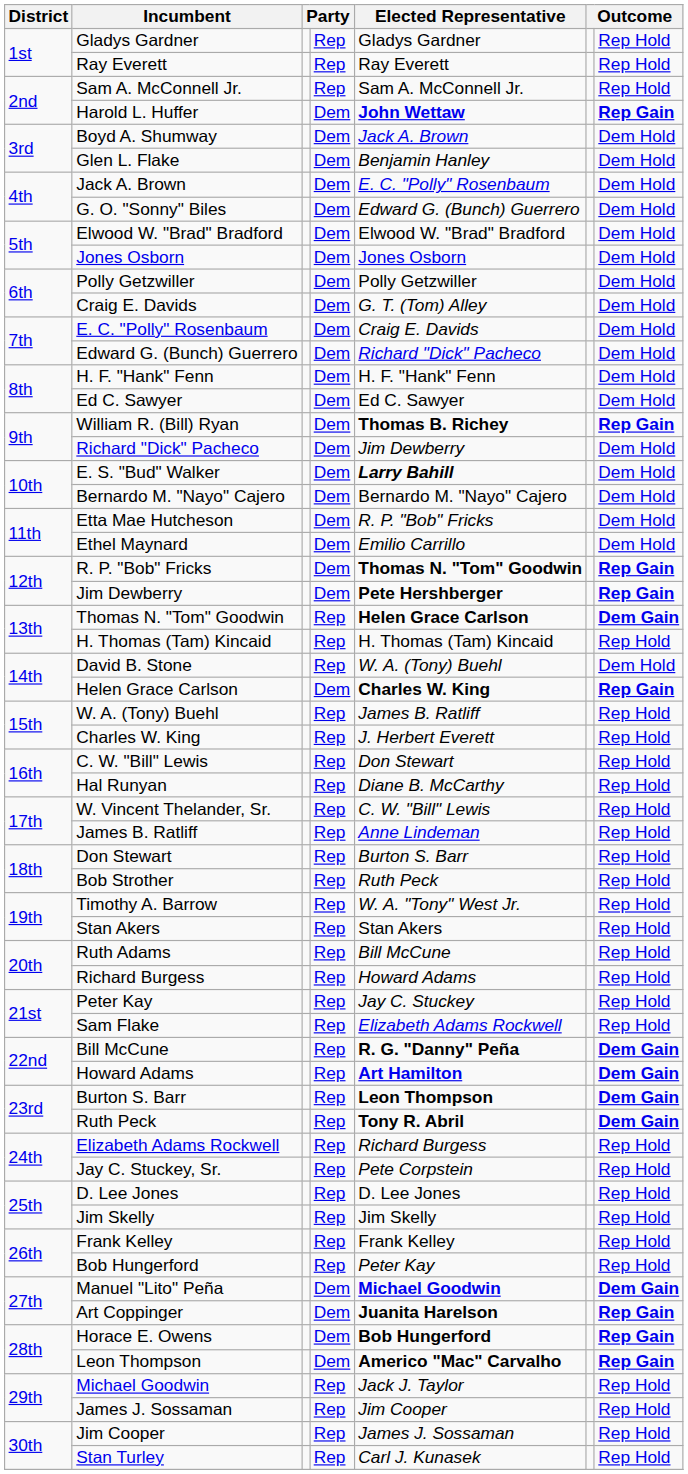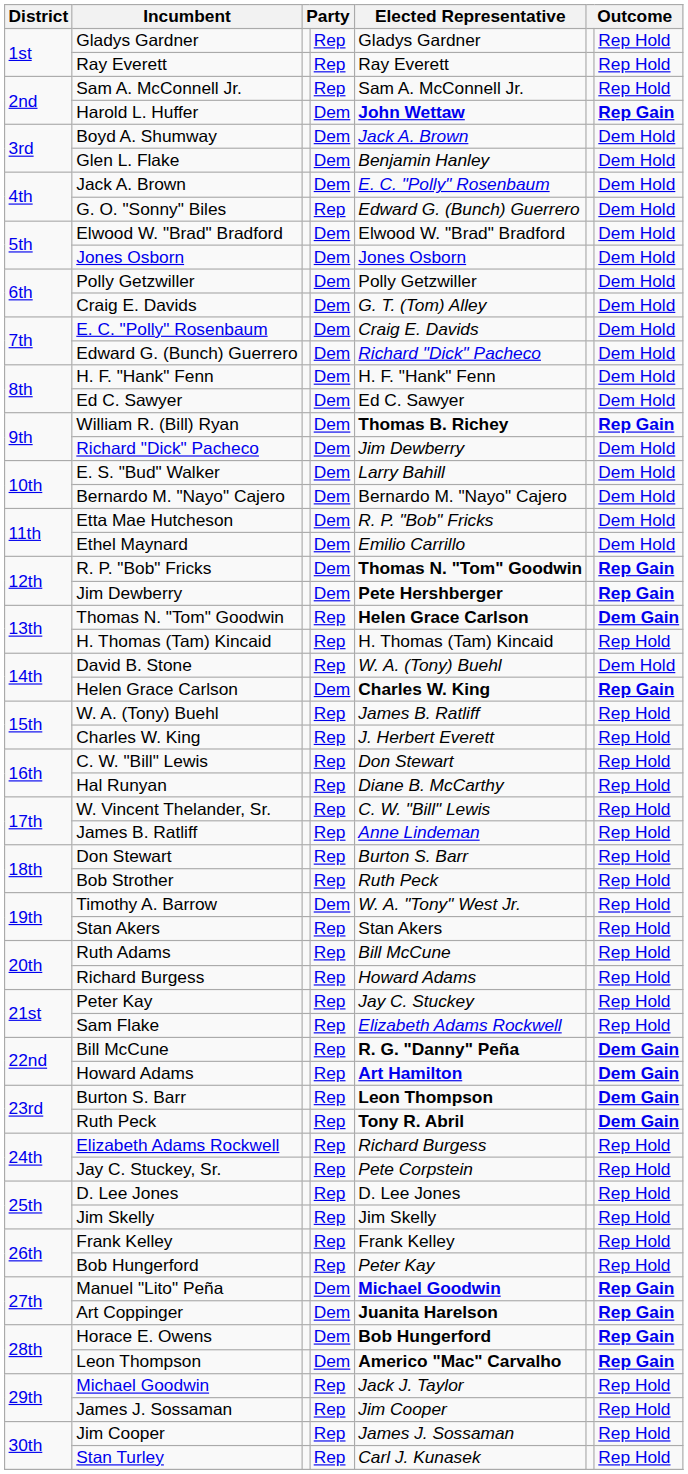 <table class="sortable wikitable" style="font-size:95%;line-height:14px;">
 <tr>
 <th>District</th>
 <th>Incumbent</th>
 <th colspan="2">Party</th>
 <th>Elected Representative</th>
 <th colspan="2">Outcome</th>
 </tr>
 <tr>
 <td rowspan="2"><a href='#'>1st</a></td>
 <td>Gladys Gardner</td>
 <td style="background:"></td>
 <td><a href='#'>Rep</a></td>
 <td>Gladys Gardner</td>
 <td style="background:"></td>
 <td><a href='#'>Rep Hold</a></td>
 </tr>
 <tr>
 <td>Ray Everett</td>
 <td style="background:"></td>
 <td><a href='#'>Rep</a></td>
 <td>Ray Everett</td>
 <td style="background:"></td>
 <td><a href='#'>Rep Hold</a></td>
 </tr>
 <tr>
 <td rowspan="2"><a href='#'>2nd</a></td>
 <td>Sam A. McConnell Jr.</td>
 <td style="background:"></td>
 <td><a href='#'>Rep</a></td>
 <td>Sam A. McConnell Jr.</td>
 <td style="background:"></td>
 <td><a href='#'>Rep Hold</a></td>
 </tr>
 <tr>
 <td>Harold L. Huffer</td>
 <td style="background:"></td>
 <td><a href='#'>Dem</a></td>
 <td><strong><a href='#'>John Wettaw</a></strong></td>
 <td style="background:"></td>
 <td><strong><a href='#'>Rep Gain</a></strong></td>
 </tr>
 <tr>
 <td rowspan="2"><a href='#'>3rd</a></td>
 <td>Boyd A. Shumway</td>
 <td style="background:"></td>
 <td><a href='#'>Dem</a></td>
 <td><em><a href='#'>Jack A. Brown</a></em></td>
 <td style="background:"></td>
 <td><a href='#'>Dem Hold</a></td>
 </tr>
 <tr>
 <td>Glen L. Flake</td>
 <td style="background:"></td>
 <td><a href='#'>Dem</a></td>
 <td><em>Benjamin Hanley</em></td>
 <td style="background:"></td>
 <td><a href='#'>Dem Hold</a></td>
 </tr>
 <tr>
 <td rowspan="2"><a href='#'>4th</a></td>
 <td>Jack A. Brown</td>
 <td style="background:"></td>
 <td><a href='#'>Dem</a></td>
 <td><em><a href='#'>E. C. "Polly" Rosenbaum</a></em></td>
 <td style="background:"></td>
 <td><a href='#'>Dem Hold</a></td>
 </tr>
 <tr>
 <td>G. O. "Sonny" Biles</td>
 <td style="background:"></td>
-<td><a href='#'>Dem</a></td>
+<td><a href='#'>Rep</a></td>
 <td><em>Edward G. (Bunch) Guerrero</em></td>
 <td style="background:"></td>
 <td><a href='#'>Dem Hold</a></td>
 </tr>
 <tr>
 <td rowspan="2"><a href='#'>5th</a></td>
 <td>Elwood W. "Brad" Bradford</td>
 <td style="background:"></td>
 <td><a href='#'>Dem</a></td>
 <td>Elwood W. "Brad" Bradford</td>
 <td style="background:"></td>
 <td><a href='#'>Dem Hold</a></td>
 </tr>
 <tr>
 <td><a href='#'>Jones Osborn</a></td>
 <td style="background:"></td>
 <td><a href='#'>Dem</a></td>
 <td><a href='#'>Jones Osborn</a></td>
 <td style="background:"></td>
 <td><a href='#'>Dem Hold</a></td>
 </tr>
 <tr>
 <td rowspan="2"><a href='#'>6th</a></td>
 <td>Polly Getzwiller</td>
 <td style="background:"></td>
 <td><a href='#'>Dem</a></td>
 <td>Polly Getzwiller</td>
 <td style="background:"></td>
 <td><a href='#'>Dem Hold</a></td>
 </tr>
 <tr>
 <td>Craig E. Davids</td>
 <td style="background:"></td>
 <td><a href='#'>Dem</a></td>
 <td><em>G. T. (Tom) Alley</em></td>
 <td style="background:"></td>
 <td><a href='#'>Dem Hold</a></td>
 </tr>
 <tr>
 <td rowspan="2"><a href='#'>7th</a></td>
 <td><a href='#'>E. C. "Polly" Rosenbaum</a></td>
 <td style="background:"></td>
 <td><a href='#'>Dem</a></td>
 <td><em>Craig E. Davids</em></td>
 <td style="background:"></td>
 <td><a href='#'>Dem Hold</a></td>
 </tr>
 <tr>
 <td>Edward G. (Bunch) Guerrero</td>
 <td style="background:"></td>
 <td><a href='#'>Dem</a></td>
 <td><em><a href='#'>Richard "Dick" Pacheco</a></em></td>
 <td style="background:"></td>
 <td><a href='#'>Dem Hold</a></td>
 </tr>
 <tr>
 <td rowspan="2"><a href='#'>8th</a></td>
 <td>H. F. "Hank" Fenn</td>
 <td style="background:"></td>
 <td><a href='#'>Dem</a></td>
 <td>H. F. "Hank" Fenn</td>
 <td style="background:"></td>
 <td><a href='#'>Dem Hold</a></td>
 </tr>
 <tr>
 <td>Ed C. Sawyer</td>
 <td style="background:"></td>
 <td><a href='#'>Dem</a></td>
 <td>Ed C. Sawyer</td>
 <td style="background:"></td>
 <td><a href='#'>Dem Hold</a></td>
 </tr>
 <tr>
 <td rowspan="2"><a href='#'>9th</a></td>
 <td>William R. (Bill) Ryan</td>
 <td style="background:"></td>
 <td><a href='#'>Dem</a></td>
 <td><strong>Thomas B. Richey</strong></td>
 <td style="background:"></td>
 <td><strong><a href='#'>Rep Gain</a></strong></td>
 </tr>
 <tr>
 <td><a href='#'>Richard "Dick" Pacheco</a></td>
 <td style="background:"></td>
 <td><a href='#'>Dem</a></td>
 <td><em>Jim Dewberry</em></td>
 <td style="background:"></td>
 <td><a href='#'>Dem Hold</a></td>
 </tr>
 <tr>
 <td rowspan="2"><a href='#'>10th</a></td>
 <td>E. S. "Bud" Walker</td>
 <td style="background:"></td>
 <td><a href='#'>Dem</a></td>
-<td><strong><em>Larry Bahill</em></strong></td>
+<td><em>Larry Bahill</em></td>
 <td style="background:"></td>
 <td><a href='#'>Dem Hold</a></td>
 </tr>
 <tr>
 <td>Bernardo M. "Nayo" Cajero</td>
 <td style="background:"></td>
 <td><a href='#'>Dem</a></td>
 <td>Bernardo M. "Nayo" Cajero</td>
 <td style="background:"></td>
 <td><a href='#'>Dem Hold</a></td>
 </tr>
 <tr>
 <td rowspan="2"><a href='#'>11th</a></td>
 <td>Etta Mae Hutcheson</td>
 <td style="background:"></td>
 <td><a href='#'>Dem</a></td>
 <td><em>R. P. "Bob" Fricks</em></td>
 <td style="background:"></td>
 <td><a href='#'>Dem Hold</a></td>
 </tr>
 <tr>
 <td>Ethel Maynard</td>
 <td style="background:"></td>
 <td><a href='#'>Dem</a></td>
 <td><em>Emilio Carrillo</em></td>
 <td style="background:"></td>
 <td><a href='#'>Dem Hold</a></td>
 </tr>
 <tr>
 <td rowspan="2"><a href='#'>12th</a></td>
 <td>R. P. "Bob" Fricks</td>
 <td style="background:"></td>
 <td><a href='#'>Dem</a></td>
 <td><strong>Thomas N. "Tom" Goodwin</strong></td>
 <td style="background:"></td>
 <td><strong><a href='#'>Rep Gain</a></strong></td>
 </tr>
 <tr>
 <td>Jim Dewberry</td>
 <td style="background:"></td>
 <td><a href='#'>Dem</a></td>
 <td><strong>Pete Hershberger</strong></td>
 <td style="background:"></td>
 <td><strong><a href='#'>Rep Gain</a></strong></td>
 </tr>
 <tr>
 <td rowspan="2"><a href='#'>13th</a></td>
 <td>Thomas N. "Tom" Goodwin</td>
 <td style="background:"></td>
 <td><a href='#'>Rep</a></td>
 <td><strong>Helen Grace Carlson</strong></td>
 <td style="background:"></td>
 <td><strong><a href='#'>Dem Gain</a></strong></td>
 </tr>
 <tr>
 <td>H. Thomas (Tam) Kincaid</td>
 <td style="background:"></td>
 <td><a href='#'>Rep</a></td>
 <td>H. Thomas (Tam) Kincaid</td>
 <td style="background:"></td>
 <td><a href='#'>Rep Hold</a></td>
 </tr>
 <tr>
 <td rowspan="2"><a href='#'>14th</a></td>
 <td>David B. Stone</td>
 <td style="background:"></td>
 <td><a href='#'>Rep</a></td>
 <td><em>W. A. (Tony) Buehl</em></td>
 <td style="background:"></td>
 <td><a href='#'>Dem Hold</a></td>
 </tr>
 <tr>
 <td>Helen Grace Carlson</td>
 <td style="background:"></td>
 <td><a href='#'>Dem</a></td>
 <td><strong>Charles W. King</strong></td>
 <td style="background:"></td>
 <td><strong><a href='#'>Rep Gain</a></strong></td>
 </tr>
 <tr>
 <td rowspan="2"><a href='#'>15th</a></td>
 <td>W. A. (Tony) Buehl</td>
 <td style="background:"></td>
 <td><a href='#'>Rep</a></td>
 <td><em>James B. Ratliff</em></td>
 <td style="background:"></td>
 <td><a href='#'>Rep Hold</a></td>
 </tr>
 <tr>
 <td>Charles W. King</td>
 <td style="background:"></td>
 <td><a href='#'>Rep</a></td>
 <td><em>J. Herbert Everett</em></td>
 <td style="background:"></td>
 <td><a href='#'>Rep Hold</a></td>
 </tr>
 <tr>
 <td rowspan="2"><a href='#'>16th</a></td>
 <td>C. W. "Bill" Lewis</td>
 <td style="background:"></td>
 <td><a href='#'>Rep</a></td>
 <td><em>Don Stewart</em></td>
 <td style="background:"></td>
 <td><a href='#'>Rep Hold</a></td>
 </tr>
 <tr>
 <td>Hal Runyan</td>
 <td style="background:"></td>
 <td><a href='#'>Rep</a></td>
 <td><em>Diane B. McCarthy</em></td>
 <td style="background:"></td>
 <td><a href='#'>Rep Hold</a></td>
 </tr>
 <tr>
 <td rowspan="2"><a href='#'>17th</a></td>
 <td>W. Vincent Thelander, Sr.</td>
 <td style="background:"></td>
 <td><a href='#'>Rep</a></td>
 <td><em>C. W. "Bill" Lewis</em></td>
 <td style="background:"></td>
 <td><a href='#'>Rep Hold</a></td>
 </tr>
 <tr>
 <td>James B. Ratliff</td>
 <td style="background:"></td>
 <td><a href='#'>Rep</a></td>
 <td><em><a href='#'>Anne Lindeman</a></em></td>
 <td style="background:"></td>
 <td><a href='#'>Rep Hold</a></td>
 </tr>
 <tr>
 <td rowspan="2"><a href='#'>18th</a></td>
 <td>Don Stewart</td>
 <td style="background:"></td>
 <td><a href='#'>Rep</a></td>
 <td><em>Burton S. Barr</em></td>
 <td style="background:"></td>
 <td><a href='#'>Rep Hold</a></td>
 </tr>
 <tr>
 <td>Bob Strother</td>
 <td style="background:"></td>
 <td><a href='#'>Rep</a></td>
 <td><em>Ruth Peck</em></td>
 <td style="background:"></td>
 <td><a href='#'>Rep Hold</a></td>
 </tr>
 <tr>
 <td rowspan="2"><a href='#'>19th</a></td>
 <td>Timothy A. Barrow</td>
 <td style="background:"></td>
-<td><a href='#'>Rep</a></td>
+<td><a href='#'>Dem</a></td>
 <td><em>W. A. "Tony" West Jr.</em></td>
 <td style="background:"></td>
 <td><a href='#'>Rep Hold</a></td>
 </tr>
 <tr>
 <td>Stan Akers</td>
 <td style="background:"></td>
 <td><a href='#'>Rep</a></td>
 <td>Stan Akers</td>
 <td style="background:"></td>
 <td><a href='#'>Rep Hold</a></td>
 </tr>
 <tr>
 <td rowspan="2"><a href='#'>20th</a></td>
 <td>Ruth Adams</td>
 <td style="background:"></td>
 <td><a href='#'>Rep</a></td>
 <td><em>Bill McCune</em></td>
 <td style="background:"></td>
 <td><a href='#'>Rep Hold</a></td>
 </tr>
 <tr>
 <td>Richard Burgess</td>
 <td style="background:"></td>
 <td><a href='#'>Rep</a></td>
 <td><em>Howard Adams</em></td>
 <td style="background:"></td>
 <td><a href='#'>Rep Hold</a></td>
 </tr>
 <tr>
 <td rowspan="2"><a href='#'>21st</a></td>
 <td>Peter Kay</td>
 <td style="background:"></td>
 <td><a href='#'>Rep</a></td>
 <td><em>Jay C. Stuckey</em></td>
 <td style="background:"></td>
 <td><a href='#'>Rep Hold</a></td>
 </tr>
 <tr>
 <td>Sam Flake</td>
 <td style="background:"></td>
 <td><a href='#'>Rep</a></td>
 <td><em><a href='#'>Elizabeth Adams Rockwell</a></em></td>
 <td style="background:"></td>
 <td><a href='#'>Rep Hold</a></td>
 </tr>
 <tr>
 <td rowspan="2"><a href='#'>22nd</a></td>
 <td>Bill McCune</td>
 <td style="background:"></td>
 <td><a href='#'>Rep</a></td>
 <td><strong>R. G. "Danny" Peña</strong></td>
 <td style="background:"></td>
 <td><strong><a href='#'>Dem Gain</a></strong></td>
 </tr>
 <tr>
 <td>Howard Adams</td>
 <td style="background:"></td>
 <td><a href='#'>Rep</a></td>
 <td><strong><a href='#'>Art Hamilton</a></strong></td>
 <td style="background:"></td>
 <td><strong><a href='#'>Dem Gain</a></strong></td>
 </tr>
 <tr>
 <td rowspan="2"><a href='#'>23rd</a></td>
 <td>Burton S. Barr</td>
 <td style="background:"></td>
 <td><a href='#'>Rep</a></td>
 <td><strong>Leon Thompson</strong></td>
 <td style="background:"></td>
 <td><strong><a href='#'>Dem Gain</a></strong></td>
 </tr>
 <tr>
 <td>Ruth Peck</td>
 <td style="background:"></td>
 <td><a href='#'>Rep</a></td>
 <td><strong>Tony R. Abril</strong></td>
 <td style="background:"></td>
 <td><strong><a href='#'>Dem Gain</a></strong></td>
 </tr>
 <tr>
 <td rowspan="2"><a href='#'>24th</a></td>
 <td><a href='#'>Elizabeth Adams Rockwell</a></td>
 <td style="background:"></td>
 <td><a href='#'>Rep</a></td>
 <td><em>Richard Burgess</em></td>
 <td style="background:"></td>
 <td><a href='#'>Rep Hold</a></td>
 </tr>
 <tr>
 <td>Jay C. Stuckey, Sr.</td>
 <td style="background:"></td>
 <td><a href='#'>Rep</a></td>
 <td><em>Pete Corpstein</em></td>
 <td style="background:"></td>
 <td><a href='#'>Rep Hold</a></td>
 </tr>
 <tr>
 <td rowspan="2"><a href='#'>25th</a></td>
 <td>D. Lee Jones</td>
 <td style="background:"></td>
 <td><a href='#'>Rep</a></td>
 <td>D. Lee Jones</td>
 <td style="background:"></td>
 <td><a href='#'>Rep Hold</a></td>
 </tr>
 <tr>
 <td>Jim Skelly</td>
 <td style="background:"></td>
 <td><a href='#'>Rep</a></td>
 <td>Jim Skelly</td>
 <td style="background:"></td>
 <td><a href='#'>Rep Hold</a></td>
 </tr>
 <tr>
 <td rowspan="2"><a href='#'>26th</a></td>
 <td>Frank Kelley</td>
 <td style="background:"></td>
 <td><a href='#'>Rep</a></td>
 <td>Frank Kelley</td>
 <td style="background:"></td>
 <td><a href='#'>Rep Hold</a></td>
 </tr>
 <tr>
 <td>Bob Hungerford</td>
 <td style="background:"></td>
 <td><a href='#'>Rep</a></td>
 <td><em>Peter Kay</em></td>
 <td style="background:"></td>
 <td><a href='#'>Rep Hold</a></td>
 </tr>
 <tr>
 <td rowspan="2"><a href='#'>27th</a></td>
 <td>Manuel "Lito" Peña</td>
 <td style="background:"></td>
 <td><a href='#'>Dem</a></td>
 <td><strong><a href='#'>Michael Goodwin</a></strong></td>
 <td style="background:"></td>
-<td><strong><a href='#'>Dem Gain</a></strong></td>
+<td><strong><a href='#'>Rep Gain</a></strong></td>
 </tr>
 <tr>
 <td>Art Coppinger</td>
 <td style="background:"></td>
 <td><a href='#'>Dem</a></td>
 <td><strong>Juanita Harelson</strong></td>
 <td style="background:"></td>
 <td><strong><a href='#'>Rep Gain</a></strong></td>
 </tr>
 <tr>
 <td rowspan="2"><a href='#'>28th</a></td>
 <td>Horace E. Owens</td>
 <td style="background:"></td>
 <td><a href='#'>Dem</a></td>
 <td><strong>Bob Hungerford</strong></td>
 <td style="background:"></td>
 <td><strong><a href='#'>Rep Gain</a></strong></td>
 </tr>
 <tr>
 <td>Leon Thompson</td>
 <td style="background:"></td>
 <td><a href='#'>Dem</a></td>
 <td><strong>Americo "Mac" Carvalho</strong></td>
 <td style="background:"></td>
 <td><strong><a href='#'>Rep Gain</a></strong></td>
 </tr>
 <tr>
 <td rowspan="2"><a href='#'>29th</a></td>
 <td><a href='#'>Michael Goodwin</a></td>
 <td style="background:"></td>
 <td><a href='#'>Rep</a></td>
 <td><em>Jack J. Taylor</em></td>
 <td style="background:"></td>
 <td><a href='#'>Rep Hold</a></td>
 </tr>
 <tr>
 <td>James J. Sossaman</td>
 <td style="background:"></td>
 <td><a href='#'>Rep</a></td>
 <td><em>Jim Cooper</em></td>
 <td style="background:"></td>
 <td><a href='#'>Rep Hold</a></td>
 </tr>
 <tr>
 <td rowspan="2"><a href='#'>30th</a></td>
 <td>Jim Cooper</td>
 <td style="background:"></td>
 <td><a href='#'>Rep</a></td>
 <td><em>James J. Sossaman</em></td>
 <td style="background:"></td>
 <td><a href='#'>Rep Hold</a></td>
 </tr>
 <tr>
 <td><a href='#'>Stan Turley</a></td>
 <td style="background:"></td>
 <td><a href='#'>Rep</a></td>
 <td><em>Carl J. Kunasek</em></td>
 <td style="background:"></td>
 <td><a href='#'>Rep Hold</a></td>
 </tr>
 <tr>
 </tr>
 </table>
